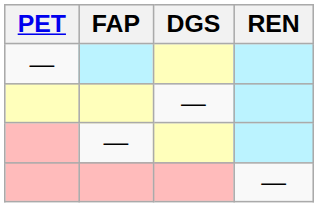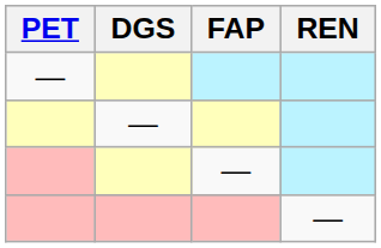 <table class="wikitable" style="text-align:center" width=200>
 <tr>
 <th width=30><a href='#'>PET</a></th>
+<th width=30>DGS</th>
 <th width=30>FAP</th>
-<th width=30>DGS</th>
 <th width=30>REN</th>
 </tr>
 <tr>
 <td>—</td>
+<td style="background:#ffffbb;"></td>
 <td style="background:#bbf3ff;"></td>
+<td style="background:#bbf3ff;"></td>
+</tr>
+<tr>
+<td style="background:#ffffbb;"></td>
+<td>—</td>
 <td style="background:#ffffbb;"></td>
 <td style="background:#bbf3ff;"></td>
 </tr>
 <tr>
-<td style="background:#ffffbb;"></td>
+<td style="background:#ffbbbb;"></td>
 <td style="background:#ffffbb;"></td>
 <td>—</td>
-<td style="background:#bbf3ff;"></td>
-</tr>
-<tr>
-<td style="background:#ffbbbb;"></td>
-<td>—</td>
-<td style="background:#ffffbb;"></td>
 <td style="background:#bbf3ff;"></td>
 </tr>
 <tr>
 <td style="background:#ffbbbb;"></td>
 <td style="background:#ffbbbb;"></td>
 <td style="background:#ffbbbb;"></td>
 <td>—</td>
 </tr>
 </table>
